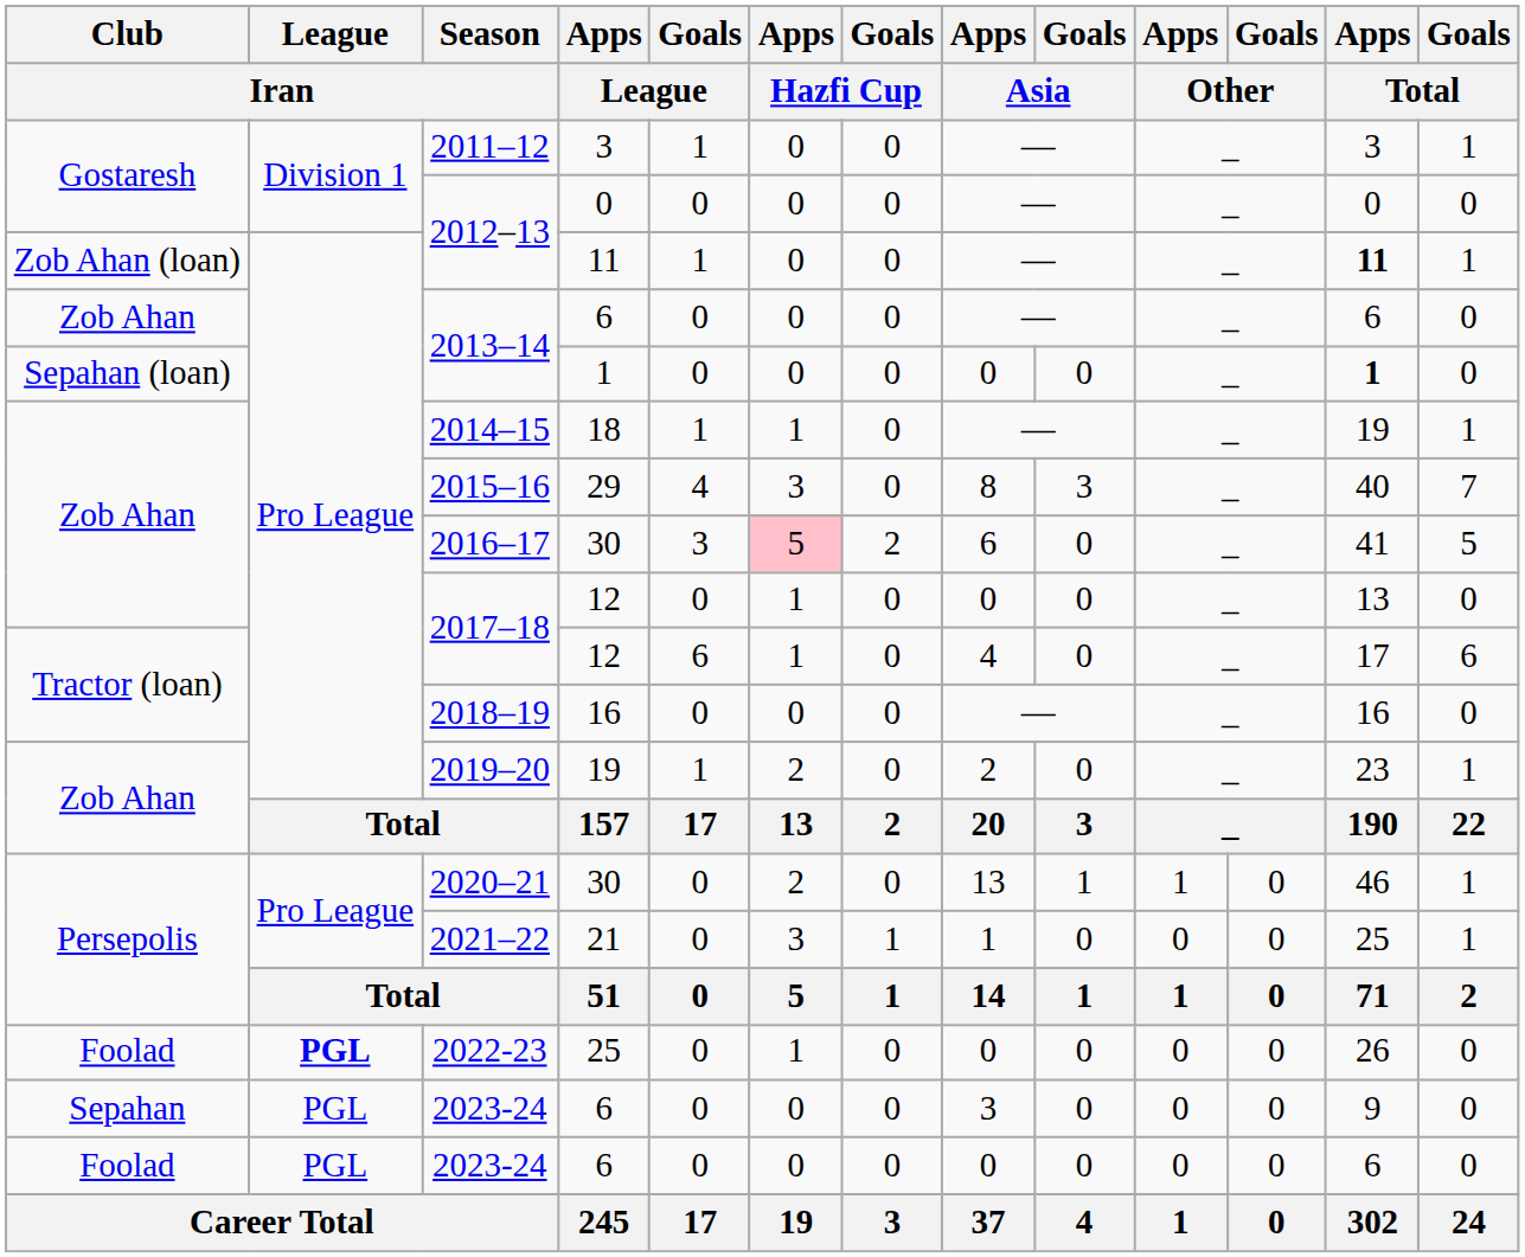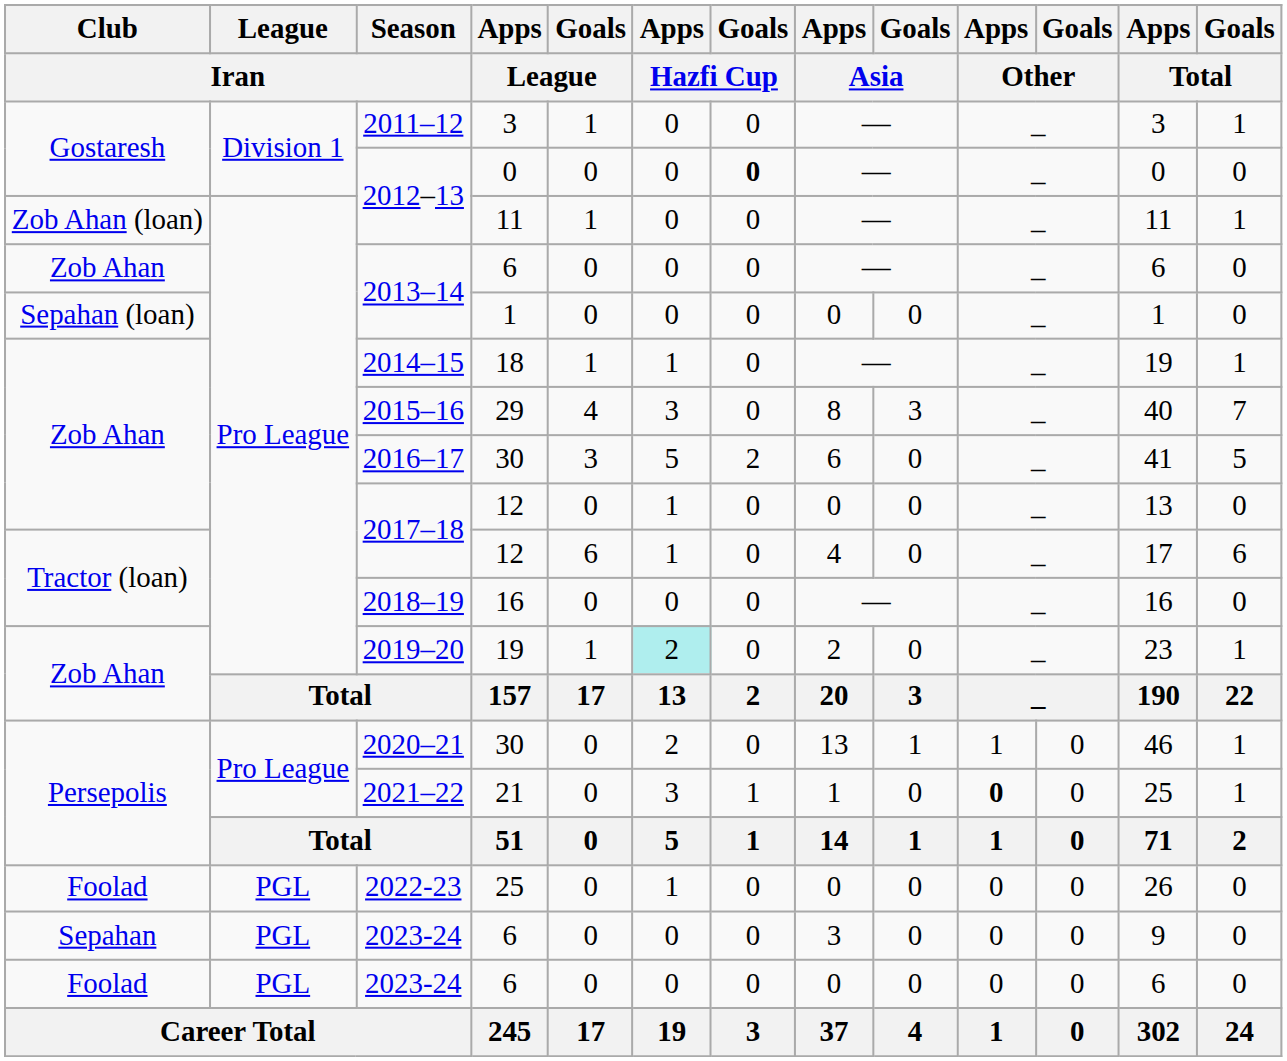 <table class="wikitable" style="font-size:90%; text-align:center;">
 <tr>
 <th>Club</th>
 <th>League</th>
 <th>Season</th>
 <th>Apps</th>
 <th>Goals</th>
 <th>Apps</th>
 <th>Goals</th>
 <th>Apps</th>
 <th>Goals</th>
 <th>Apps</th>
 <th>Goals</th>
 <th>Apps</th>
 <th>Goals</th>
 </tr>
 <tr>
 <th colspan="3">Iran</th>
 <th colspan="2">League</th>
 <th colspan="2"><a href='#'>Hazfi Cup</a></th>
 <th colspan="2"><a href='#'>Asia</a></th>
 <th colspan="2">Other</th>
 <th colspan="2">Total</th>
 </tr>
 <tr>
 <td rowspan="2"><a href='#'>Gostaresh</a></td>
 <td rowspan="2"><a href='#'>Division 1</a></td>
 <td><a href='#'>2011–12</a></td>
 <td>3</td>
 <td>1</td>
 <td>0</td>
 <td>0</td>
 <td colspan="2">—</td>
 <td colspan="2">_</td>
 <td>3</td>
 <td>1</td>
 </tr>
 <tr>
 <td rowspan="2"><a href='#'>2012</a>–<a href='#'>13</a></td>
 <td>0</td>
 <td>0</td>
 <td>0</td>
-<td>0</td>
+<td><strong>0</strong></td>
 <td colspan="2">—</td>
 <td colspan="2">_</td>
 <td>0</td>
 <td>0</td>
 </tr>
 <tr>
 <td><a href='#'>Zob Ahan</a> (loan)</td>
 <td rowspan="10"><a href='#'>Pro League</a></td>
 <td>11</td>
 <td>1</td>
 <td>0</td>
 <td>0</td>
 <td colspan="2">—</td>
 <td colspan="2">_</td>
-<td><strong>11</strong></td>
+<td>11</td>
 <td>1</td>
 </tr>
 <tr>
 <td><a href='#'>Zob Ahan</a></td>
 <td rowspan="2"><a href='#'>2013–14</a></td>
 <td>6</td>
 <td>0</td>
 <td>0</td>
 <td>0</td>
 <td colspan="2">—</td>
 <td colspan="2">_</td>
 <td>6</td>
 <td>0</td>
 </tr>
 <tr>
 <td><a href='#'>Sepahan</a> (loan)</td>
 <td>1</td>
 <td>0</td>
 <td>0</td>
 <td>0</td>
 <td>0</td>
 <td>0</td>
 <td colspan="2">_</td>
-<td><strong>1</strong></td>
+<td>1</td>
 <td>0</td>
 </tr>
 <tr>
 <td rowspan="4"><a href='#'>Zob Ahan</a></td>
 <td><a href='#'>2014–15</a></td>
 <td>18</td>
 <td>1</td>
 <td>1</td>
 <td>0</td>
 <td colspan="2">—</td>
 <td colspan="2">_</td>
 <td>19</td>
 <td>1</td>
 </tr>
 <tr>
 <td><a href='#'>2015–16</a></td>
 <td>29</td>
 <td>4</td>
 <td>3</td>
 <td>0</td>
 <td>8</td>
 <td>3</td>
 <td colspan="2">_</td>
 <td>40</td>
 <td>7</td>
 </tr>
 <tr>
 <td><a href='#'>2016–17</a></td>
 <td>30</td>
 <td>3</td>
-<td style="background: pink;">5</td>
+<td>5</td>
 <td>2</td>
 <td>6</td>
 <td>0</td>
 <td colspan="2">_</td>
 <td>41</td>
 <td>5</td>
 </tr>
 <tr>
 <td rowspan="2"><a href='#'>2017–18</a></td>
 <td>12</td>
 <td>0</td>
 <td>1</td>
 <td>0</td>
 <td>0</td>
 <td>0</td>
 <td colspan="2">_</td>
 <td>13</td>
 <td>0</td>
 </tr>
 <tr>
 <td rowspan="2"><a href='#'>Tractor</a> (loan)</td>
 <td>12</td>
 <td>6</td>
 <td>1</td>
 <td>0</td>
 <td>4</td>
 <td>0</td>
 <td colspan="2">_</td>
 <td>17</td>
 <td>6</td>
 </tr>
 <tr>
 <td><a href='#'>2018–19</a></td>
 <td>16</td>
 <td>0</td>
 <td>0</td>
 <td>0</td>
 <td colspan="2">—</td>
 <td colspan="2">_</td>
 <td>16</td>
 <td>0</td>
 </tr>
 <tr>
 <td rowspan="2"><a href='#'>Zob Ahan</a></td>
 <td><a href='#'>2019–20</a></td>
 <td>19</td>
 <td>1</td>
-<td>2</td>
+<td style="background: paleturquoise;">2</td>
 <td>0</td>
 <td>2</td>
 <td>0</td>
 <td colspan="2">_</td>
 <td>23</td>
 <td>1</td>
 </tr>
 <tr>
 <th colspan="2">Total</th>
 <th>157</th>
 <th>17</th>
 <th>13</th>
 <th>2</th>
 <th>20</th>
 <th>3</th>
 <th colspan="2">_</th>
 <th>190</th>
 <th>22</th>
 </tr>
 <tr>
 <td rowspan="3"><a href='#'>Persepolis</a></td>
 <td rowspan="2"><a href='#'>Pro League</a></td>
 <td><a href='#'>2020–21</a></td>
 <td>30</td>
 <td>0</td>
 <td>2</td>
 <td>0</td>
 <td>13</td>
 <td>1</td>
 <td>1</td>
 <td>0</td>
 <td>46</td>
 <td>1</td>
 </tr>
 <tr>
 <td><a href='#'>2021–22</a></td>
 <td>21</td>
 <td>0</td>
 <td>3</td>
 <td>1</td>
 <td>1</td>
 <td>0</td>
-<td>0</td>
+<td><strong>0</strong></td>
 <td>0</td>
 <td>25</td>
 <td>1</td>
 </tr>
 <tr>
 <th colspan="2">Total</th>
 <th>51</th>
 <th>0</th>
 <th>5</th>
 <th>1</th>
 <th>14</th>
 <th>1</th>
 <th>1</th>
 <th>0</th>
 <th>71</th>
 <th>2</th>
 </tr>
 <tr>
 <td><a href='#'>Foolad</a></td>
-<td><strong><a href='#'>PGL</a></strong></td>
+<td><a href='#'>PGL</a></td>
 <td><a href='#'>2022-23</a></td>
 <td>25</td>
 <td>0</td>
 <td>1</td>
 <td>0</td>
 <td>0</td>
 <td>0</td>
 <td>0</td>
 <td>0</td>
 <td>26</td>
 <td>0</td>
 </tr>
 <tr>
 <td><a href='#'>Sepahan</a></td>
 <td><a href='#'>PGL</a></td>
 <td><a href='#'>2023-24</a></td>
 <td>6</td>
 <td>0</td>
 <td>0</td>
 <td>0</td>
 <td>3</td>
 <td>0</td>
 <td>0</td>
 <td>0</td>
 <td>9</td>
 <td>0</td>
 </tr>
 <tr>
 <td><a href='#'>Foolad</a></td>
 <td><a href='#'>PGL</a></td>
 <td><a href='#'>2023-24</a></td>
 <td>6</td>
 <td>0</td>
 <td>0</td>
 <td>0</td>
 <td>0</td>
 <td>0</td>
 <td>0</td>
 <td>0</td>
 <td>6</td>
 <td>0</td>
 </tr>
 <tr>
 <th colspan="3">Career Total</th>
 <th>245</th>
 <th>17</th>
 <th>19</th>
 <th>3</th>
 <th>37</th>
 <th>4</th>
 <th>1</th>
 <th>0</th>
 <th>302</th>
 <th>24</th>
 </tr>
 </table>
